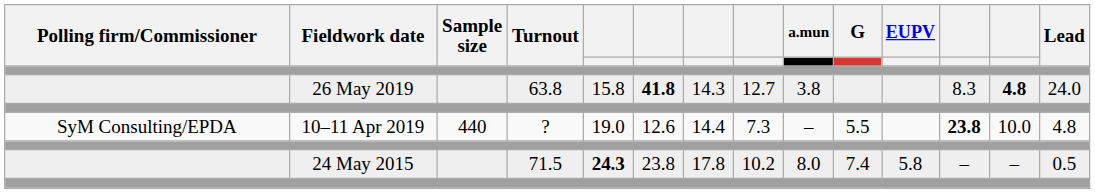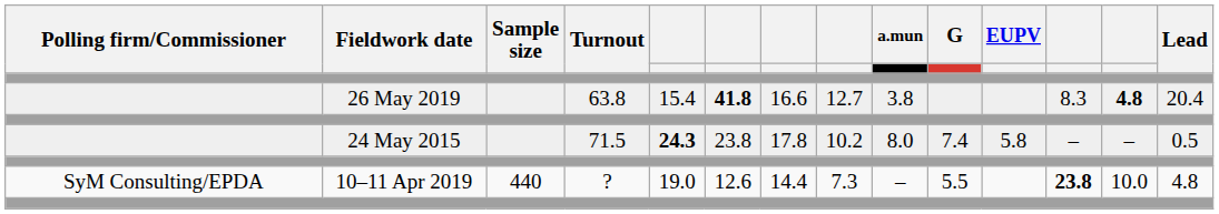 <table class="wikitable collapsible collapsed" style="text-align:center; font-size:95%; line-height:16px;">
 <tr style="height:42px;">
 <th style="width:250px;" rowspan="2">Polling firm/Commissioner</th>
 <th style="width:125px;" rowspan="2">Fieldwork date</th>
 <th style="width:50px;" rowspan="2">Sample size</th>
 <th style="width:45px;" rowspan="2">Turnout</th>
 <th style="width:35px;"></th>
 <th style="width:35px;"></th>
 <th style="width:35px;"></th>
 <th style="width:35px;"></th>
 <th style="width:35px; font-size:80%;">a.mun</th>
 <th style="width:35px;">G</th>
 <th style="width:35px; font-size:95%;"><a href='#'>EUPV</a></th>
 <th style="width:35px;"></th>
 <th style="width:35px;"></th>
 <th style="width:30px;" rowspan="2">Lead</th>
 </tr>
 <tr>
 <th style="color:inherit;background:"></th>
 <th style="color:inherit;background:"></th>
 <th style="color:inherit;background:"></th>
 <th style="color:inherit;background:"></th>
 <th style="color:inherit;background:#000000;"></th>
 <th style="color:inherit;background:#D8372F;"></th>
 <th style="color:inherit;background:"></th>
 <th style="color:inherit;background:"></th>
 <th style="color:inherit;background:"></th>
 </tr>
 <tr>
 <td colspan="14" style="background:#A0A0A0"></td>
 </tr>
 <tr style="background:#EFEFEF;">
 <td><strong></strong></td>
 <td>26 May 2019</td>
 <td></td>
 <td>63.8</td>
-<td>15.8<br></td>
+<td>15.4<br></td>
 <td><strong>41.8</strong><br></td>
-<td>14.3<br></td>
+<td>16.6<br></td>
 <td>12.7<br></td>
 <td>3.8<br></td>
 <td></td>
 <td></td>
 <td>8.3<br></td>
 <td><strong>4.8<br></strong></td>
-<td style="background:">24.0</td>
+<td style="background:">20.4</td>
+</tr>
+<tr>
+<td colspan="14" style="background:#A0A0A0"></td>
+</tr>
+<tr style="background:#EFEFEF;">
+<td><strong></strong></td>
+<td>24 May 2015</td>
+<td></td>
+<td>71.5</td>
+<td><strong>24.3</strong><br></td>
+<td>23.8<br></td>
+<td>17.8<br></td>
+<td>10.2<br></td>
+<td>8.0<br></td>
+<td>7.4<br></td>
+<td>5.8<br></td>
+<td>–</td>
+<td>–</td>
+<td style="background:">0.5</td>
 </tr>
 <tr>
 <td colspan="14" style="background:#A0A0A0"></td>
 </tr>
 <tr>
 <td>SyM Consulting/EPDA</td>
 <td>10–11 Apr 2019</td>
 <td>440</td>
 <td>?</td>
 <td>19.0<br></td>
 <td>12.6<br></td>
 <td>14.4<br></td>
 <td>7.3<br></td>
 <td>–</td>
 <td>5.5<br></td>
 <td></td>
 <td><strong>23.8</strong><br></td>
 <td>10.0<br></td>
 <td style="background:">4.8</td>
 </tr>
 <tr>
 <td colspan="14" style="background:#A0A0A0"></td>
 </tr>
-<tr style="background:#EFEFEF;">
-<td><strong></strong></td>
-<td>24 May 2015</td>
-<td></td>
-<td>71.5</td>
-<td><strong>24.3</strong><br></td>
-<td>23.8<br></td>
-<td>17.8<br></td>
-<td>10.2<br></td>
-<td>8.0<br></td>
-<td>7.4<br></td>
-<td>5.8<br></td>
-<td>–</td>
-<td>–</td>
-<td style="background:">0.5</td>
-</tr>
-<tr>
-<td colspan="14" style="background:#A0A0A0"></td>
-</tr>
 </table>
